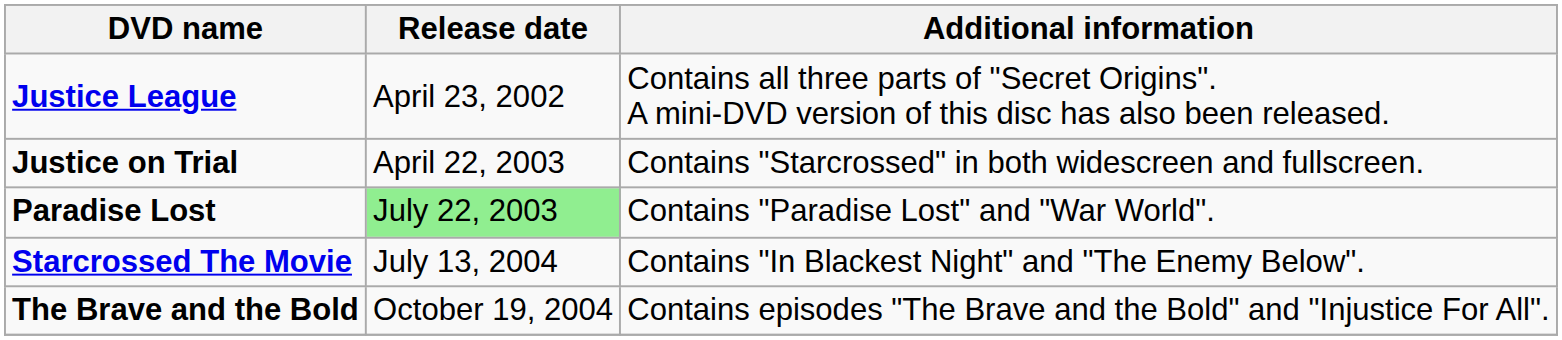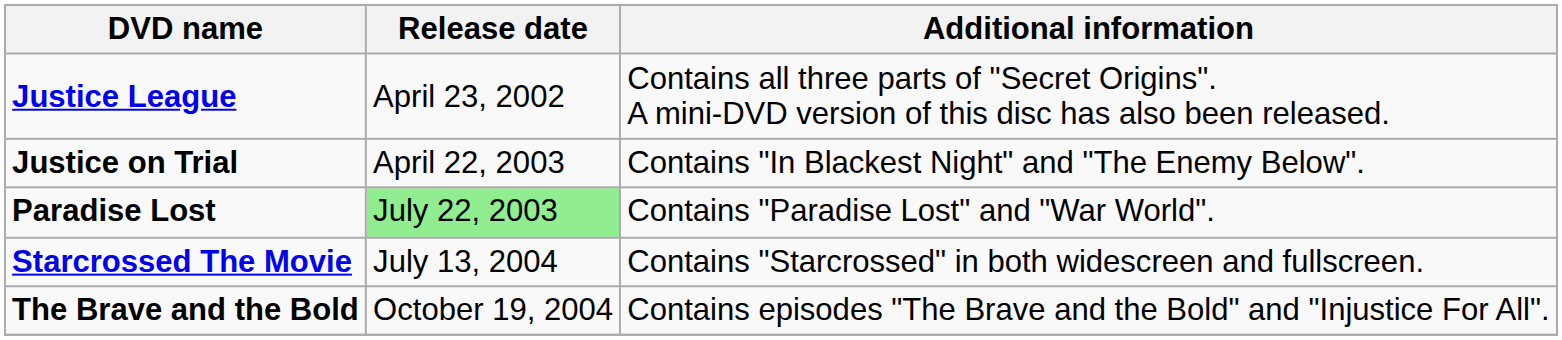 <table class="wikitable">
 <tr>
 <th>DVD name</th>
 <th>Release date</th>
 <th>Additional information</th>
 </tr>
 <tr>
 <td><strong><a href='#'>Justice League</a></strong></td>
 <td>April 23, 2002</td>
 <td>Contains all three parts of "Secret Origins". <br> A mini-DVD version of this disc has also been released.</td>
 </tr>
 <tr>
 <td><strong>Justice on Trial</strong></td>
 <td>April 22, 2003</td>
-<td>Contains "Starcrossed" in both widescreen and fullscreen.</td>
+<td>Contains "In Blackest Night" and "The Enemy Below".</td>
 </tr>
 <tr>
 <td><strong>Paradise Lost</strong></td>
 <td style="background: lightgreen;">July 22, 2003</td>
 <td>Contains "Paradise Lost" and "War World".</td>
 </tr>
 <tr>
 <td><strong><a href='#'>Starcrossed The Movie</a></strong></td>
 <td>July 13, 2004</td>
-<td>Contains "In Blackest Night" and "The Enemy Below".</td>
+<td>Contains "Starcrossed" in both widescreen and fullscreen.</td>
 </tr>
 <tr>
 <td><strong>The Brave and the Bold</strong></td>
 <td>October 19, 2004</td>
 <td>Contains episodes "The Brave and the Bold" and "Injustice For All".</td>
 </tr>
 <tr>
 </tr>
 </table>
